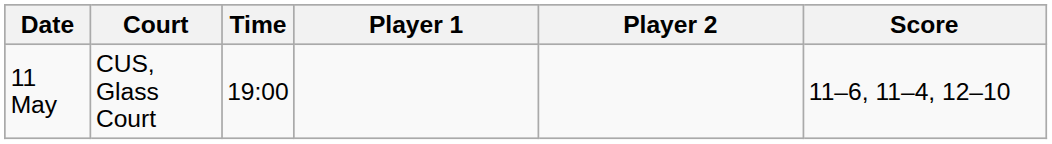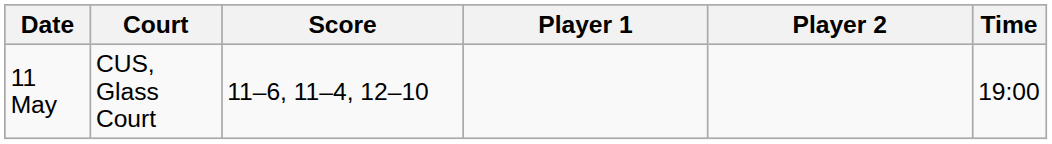 <table class="sortable wikitable" style="font-size:90%">
 <tr>
 <th width="45" class="unsortable">Date</th>
 <th width="75">Court</th>
-<th width="30">Time</th>
+<th width="150" class="unsortable">Score</th>
 <th width="150">Player 1</th>
 <th width="165">Player 2</th>
-<th width="150" class="unsortable">Score</th>
+<th width="30">Time</th>
 </tr>
 <tr>
 <td>11 May</td>
 <td>CUS, Glass Court</td>
-<td>19:00</td>
+<td>11–6, 11–4, 12–10</td>
 <td></td>
 <td><strong></strong></td>
-<td>11–6, 11–4, 12–10</td>
+<td>19:00</td>
 </tr>
 </table>
